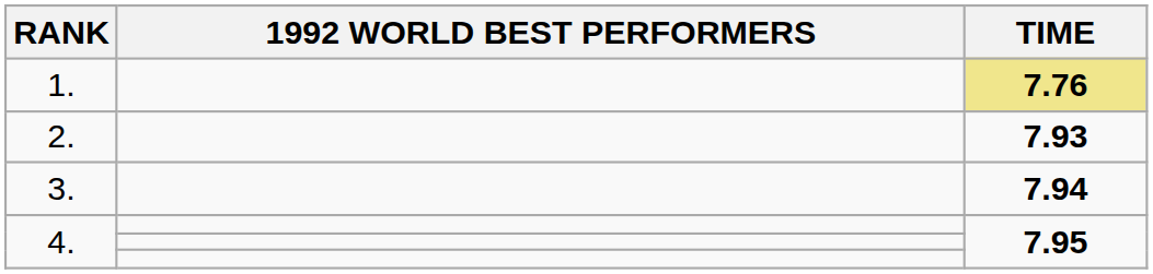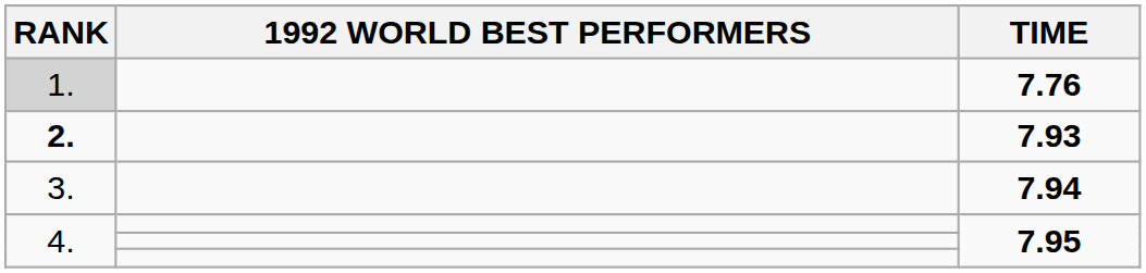 <table class="wikitable" style="border-collapse: collapse; font-size: 90%;">
 <tr>
 <th>RANK</th>
 <th align="center" style="width: 25em">1992 WORLD BEST PERFORMERS</th>
 <th align="center" style="width: 5em">TIME</th>
 </tr>
 <tr>
-<td align="center">1.</td>
+<td align="center" style="background: lightgrey;">1.</td>
 <td></td>
-<td align="center" style="background: khaki;"><strong>7.76</strong></td>
+<td align="center"><strong>7.76</strong></td>
 </tr>
 <tr>
-<td align="center">2.</td>
+<td align="center"><strong>2.</strong></td>
 <td></td>
 <td align="center"><strong>7.93</strong></td>
 </tr>
 <tr>
 <td align=center>3.</td>
 <td></td>
 <td align="center"><strong>7.94</strong></td>
 </tr>
 <tr>
 <td rowspan=3 align=center>4.</td>
 <td></td>
 <td rowspan=3 align=center><strong>7.95</strong></td>
 </tr>
 <tr>
 <td></td>
 </tr>
 <tr>
 <td></td>
 </tr>
 </table>
